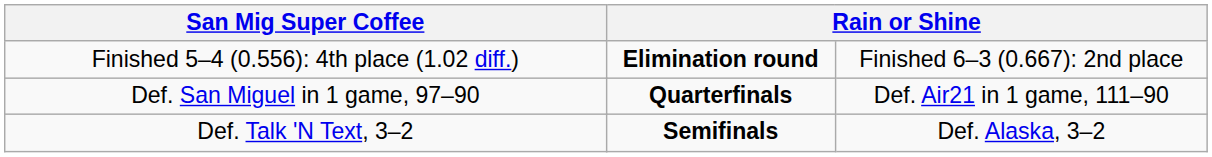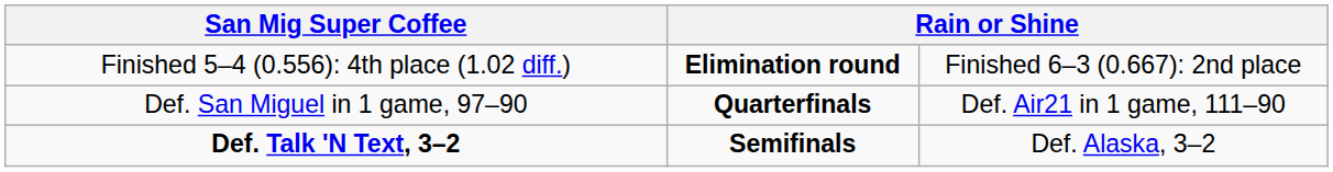 <table class=wikitable style="text-align:center">
 <tr>
 <th colspan=2 width=45%><a href='#'>San Mig Super Coffee</a></th>
 <th colspan=2 width=45%><a href='#'>Rain or Shine</a></th>
 </tr>
 <tr>
 <td>Finished 5–4 (0.556): 4th place (1.02 <a href='#'>diff.</a>)</td>
 <td colspan=2><strong>Elimination round</strong></td>
 <td>Finished 6–3 (0.667): 2nd place</td>
 </tr>
 <tr>
 <td>Def. <a href='#'>San Miguel</a> in 1 game, 97–90</td>
 <td colspan=2><strong>Quarterfinals</strong></td>
 <td>Def. <a href='#'>Air21</a> in 1 game, 111–90</td>
 </tr>
 <tr>
-<td>Def. <a href='#'>Talk 'N Text</a>, 3–2</td>
+<td><strong>Def. <a href='#'>Talk 'N Text</a>, 3–2</strong></td>
 <td colspan=2><strong>Semifinals</strong></td>
 <td>Def. <a href='#'>Alaska</a>, 3–2</td>
 </tr>
 </table>
